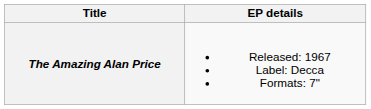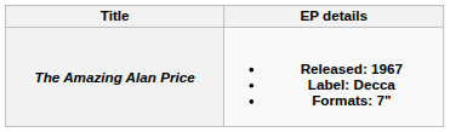 <table class="wikitable plainrowheaders" style="text-align:center;">
 <tr>
 <th scope="col" style="width:15em;">Title</th>
 <th scope="col" style="width:15em;">EP details</th>
 </tr>
 <tr>
 <th scope="row"><em>The Amazing Alan Price</em></th>
-<td><br><ul><li>Released: 1967</li><li>Label: Decca</li><li>Formats: 7"</li></ul></td>
+<td><strong><br><ul><li>Released: 1967</li><li>Label: Decca</li><li>Formats: 7"</li></ul></strong></td>
 </tr>
 </table>
